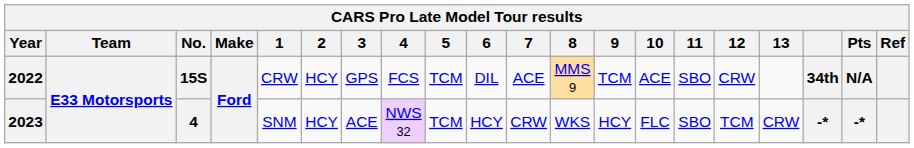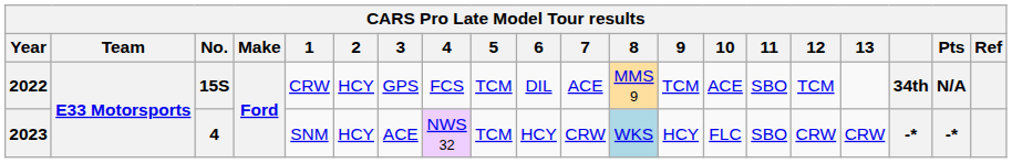 <table class="wikitable" style="text-align:center; font-size:75%">
 <tr>
 <th colspan=23>CARS Pro Late Model Tour results</th>
 </tr>
 <tr>
 <th>Year</th>
 <th>Team</th>
 <th>No.</th>
 <th>Make</th>
 <th>1</th>
 <th>2</th>
 <th>3</th>
 <th>4</th>
 <th>5</th>
 <th>6</th>
 <th>7</th>
 <th>8</th>
 <th>9</th>
 <th>10</th>
 <th>11</th>
 <th>12</th>
 <th>13</th>
 <th></th>
 <th>Pts</th>
 <th>Ref</th>
 </tr>
 <tr>
 <th>2022</th>
 <th rowspan=2><a href='#'>E33 Motorsports</a></th>
 <th>15S</th>
 <th rowspan=2><a href='#'>Ford</a></th>
 <td><a href='#'>CRW</a></td>
 <td><a href='#'>HCY</a></td>
 <td><a href='#'>GPS</a></td>
 <td><a href='#'>FCS</a></td>
 <td><a href='#'>TCM</a></td>
 <td><a href='#'>DIL</a></td>
 <td><a href='#'>ACE</a></td>
 <td style="background:#FFDF9F;"><a href='#'>MMS</a><br><small>9</small></td>
 <td><a href='#'>TCM</a></td>
 <td><a href='#'>ACE</a></td>
 <td><a href='#'>SBO</a></td>
-<td><a href='#'>CRW</a></td>
+<td><a href='#'>TCM</a></td>
 <td></td>
 <th>34th</th>
 <th>N/A</th>
 <th></th>
 </tr>
 <tr>
 <th>2023</th>
 <th>4</th>
 <td><a href='#'>SNM</a></td>
 <td><a href='#'>HCY</a></td>
 <td><a href='#'>ACE</a></td>
 <td style="background:#EFCFFF;"><a href='#'>NWS</a><br><small>32</small></td>
 <td><a href='#'>TCM</a></td>
 <td><a href='#'>HCY</a></td>
 <td><a href='#'>CRW</a></td>
-<td><a href='#'>WKS</a></td>
+<td style="background: lightblue;"><a href='#'>WKS</a></td>
 <td><a href='#'>HCY</a></td>
 <td><a href='#'>FLC</a></td>
 <td><a href='#'>SBO</a></td>
-<td><a href='#'>TCM</a></td>
+<td><a href='#'>CRW</a></td>
 <td><a href='#'>CRW</a></td>
 <th>-*</th>
 <th>-*</th>
 <th></th>
 </tr>
 </table>
